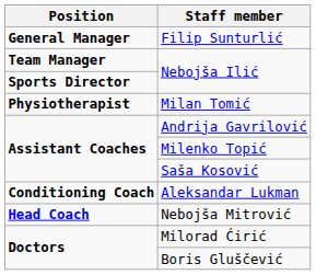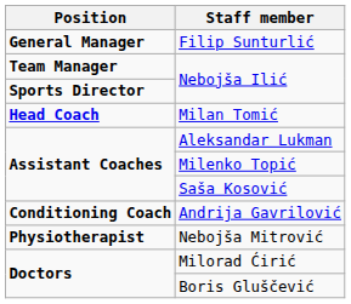 <table class="wikitable">
 <tr>
 <th>Position</th>
 <th>Staff member</th>
 </tr>
 <tr>
 <td><strong>General Manager</strong></td>
 <td> <a href='#'>Filip Sunturlić</a></td>
 </tr>
 <tr>
 <td><strong>Team Manager</strong></td>
 <td rowspan=2> <a href='#'>Nebojša Ilić</a></td>
 </tr>
 <tr>
 <td><strong>Sports Director</strong></td>
 </tr>
 <tr>
-<td><strong>Physiotherapist</strong></td>
+<td><strong><a href='#'>Head Coach</a></strong></td>
 <td> <a href='#'>Milan Tomić</a></td>
 </tr>
 <tr>
 <td rowspan=3><strong>Assistant Coaches</strong></td>
-<td> <a href='#'>Andrija Gavrilović</a></td>
+<td> <a href='#'>Aleksandar Lukman</a></td>
 </tr>
 <tr>
 <td>  <a href='#'>Milenko Topić</a></td>
 </tr>
 <tr>
 <td>  <a href='#'>Saša Kosović</a></td>
 </tr>
 <tr>
 <td><strong>Conditioning Coach</strong></td>
-<td> <a href='#'>Aleksandar Lukman</a></td>
+<td> <a href='#'>Andrija Gavrilović</a></td>
 </tr>
 <tr>
-<td><strong><a href='#'>Head Coach</a></strong></td>
+<td><strong>Physiotherapist</strong></td>
 <td> Nebojša Mitrović</td>
 </tr>
 <tr>
 <td rowspan=2><strong>Doctors</strong></td>
 <td> Milorad Ćirić</td>
 </tr>
 <tr>
 <td> Boris Gluščević</td>
 </tr>
 </table>
